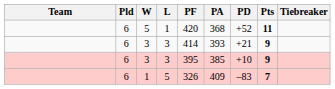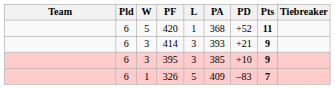 <table class="wikitable" style="text-align:center;">
 <tr>
 <th width=170>Team</th>
 <th width=25>Pld</th>
 <th width=25>W</th>
+<th width=35>PF</th>
 <th width=25>L</th>
-<th width=35>PF</th>
 <th width=35>PA</th>
 <th width=35>PD</th>
 <th width=25>Pts</th>
 <th width=50>Tiebreaker</th>
 </tr>
 <tr bgcolor=>
 <td align="left"></td>
 <td>6</td>
 <td>5</td>
+<td>420</td>
 <td>1</td>
-<td>420</td>
 <td>368</td>
 <td>+52</td>
 <td><strong>11</strong></td>
 <td></td>
 </tr>
 <tr bgcolor=>
 <td align="left"></td>
 <td>6</td>
 <td>3</td>
+<td>414</td>
 <td>3</td>
-<td>414</td>
 <td>393</td>
 <td>+21</td>
 <td><strong>9</strong></td>
 <td></td>
 </tr>
 <tr bgcolor=ffcccc>
 <td align="left"></td>
 <td>6</td>
 <td>3</td>
+<td>395</td>
 <td>3</td>
-<td>395</td>
 <td>385</td>
 <td>+10</td>
 <td><strong>9</strong></td>
 <td></td>
 </tr>
 <tr bgcolor=ffcccc>
 <td align="left"></td>
 <td>6</td>
 <td>1</td>
+<td>326</td>
 <td>5</td>
-<td>326</td>
 <td>409</td>
 <td>–83</td>
 <td><strong>7</strong></td>
 <td></td>
 </tr>
 </table>
